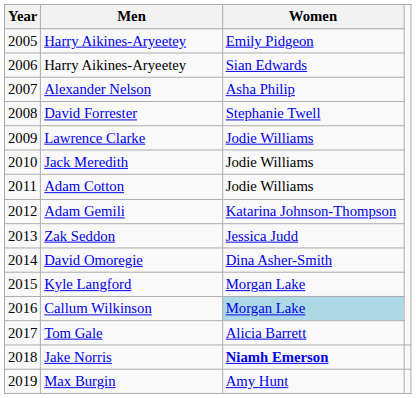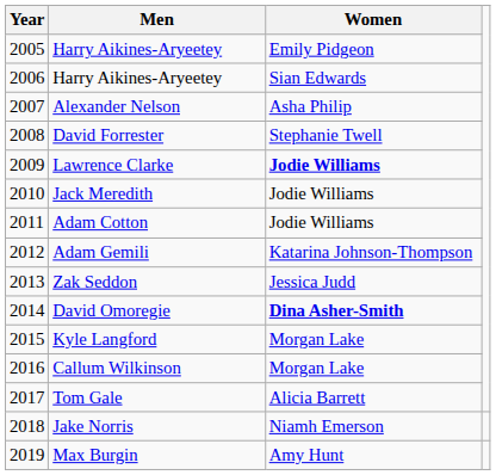 <table class="wikitable" style="font-size: 95%">
 <tr>
 <th style="width:30px;">Year</th>
 <th style="width:180px;">Men</th>
 <th style="width:180px;">Women</th>
 </tr>
 <tr>
 <td>2005</td>
 <td><a href='#'>Harry Aikines-Aryeetey</a></td>
 <td><a href='#'>Emily Pidgeon</a></td>
 </tr>
 <tr>
 <td>2006</td>
 <td>Harry Aikines-Aryeetey</td>
 <td><a href='#'>Sian Edwards</a></td>
 </tr>
 <tr>
 <td>2007</td>
 <td><a href='#'>Alexander Nelson</a></td>
 <td><a href='#'>Asha Philip</a></td>
 </tr>
 <tr>
 <td>2008</td>
 <td><a href='#'>David Forrester</a></td>
 <td><a href='#'>Stephanie Twell</a></td>
 </tr>
 <tr>
 <td>2009</td>
 <td><a href='#'>Lawrence Clarke</a></td>
-<td><a href='#'>Jodie Williams</a></td>
+<td><strong><a href='#'>Jodie Williams</a></strong></td>
 </tr>
 <tr>
 <td>2010</td>
 <td><a href='#'>Jack Meredith</a></td>
 <td>Jodie Williams</td>
 </tr>
 <tr>
 <td>2011</td>
 <td><a href='#'>Adam Cotton</a></td>
 <td>Jodie Williams</td>
 </tr>
 <tr>
 <td>2012</td>
 <td><a href='#'>Adam Gemili</a></td>
 <td><a href='#'>Katarina Johnson-Thompson</a></td>
 </tr>
 <tr>
 <td>2013</td>
 <td><a href='#'>Zak Seddon</a></td>
 <td><a href='#'>Jessica Judd</a></td>
 </tr>
 <tr>
 <td>2014</td>
 <td><a href='#'>David Omoregie</a></td>
-<td><a href='#'>Dina Asher-Smith</a></td>
+<td><strong><a href='#'>Dina Asher-Smith</a></strong></td>
 </tr>
 <tr>
 <td>2015</td>
 <td><a href='#'>Kyle Langford</a></td>
 <td><a href='#'>Morgan Lake</a></td>
 </tr>
 <tr>
 <td>2016</td>
 <td><a href='#'>Callum Wilkinson</a></td>
-<td style="background: lightblue;"><a href='#'>Morgan Lake</a></td>
+<td><a href='#'>Morgan Lake</a></td>
 </tr>
 <tr>
 <td>2017</td>
 <td><a href='#'>Tom Gale</a></td>
 <td><a href='#'>Alicia Barrett</a></td>
 </tr>
 <tr>
 <td>2018</td>
 <td><a href='#'>Jake Norris</a></td>
-<td><strong><a href='#'>Niamh Emerson</a></strong></td>
+<td><a href='#'>Niamh Emerson</a></td>
 <td></td>
 </tr>
 <tr>
 <td>2019</td>
 <td><a href='#'>Max Burgin</a></td>
 <td><a href='#'>Amy Hunt</a></td>
 </tr>
 </table>
